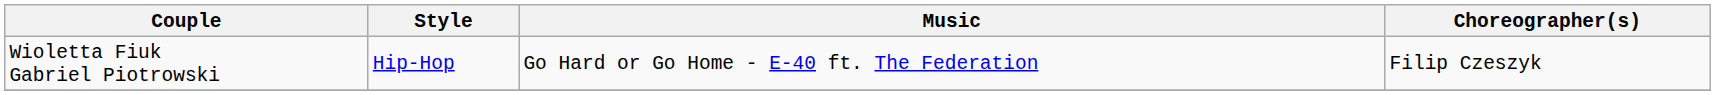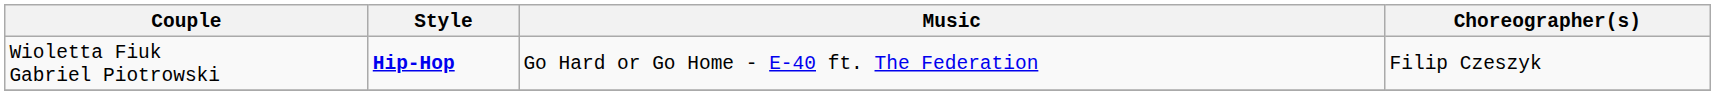 <table class="wikitable" width="90%">
 <tr>
 <th>Couple</th>
 <th>Style</th>
 <th>Music</th>
 <th>Choreographer(s)</th>
 </tr>
 <tr>
 <td>Wioletta Fiuk<br>Gabriel Piotrowski</td>
-<td><a href='#'>Hip-Hop</a></td>
+<td><strong><a href='#'>Hip-Hop</a></strong></td>
 <td>Go Hard or Go Home - <a href='#'>E-40</a> ft. <a href='#'>The Federation</a></td>
 <td>Filip Czeszyk</td>
 </tr>
 <tr>
 </tr>
 </table>
